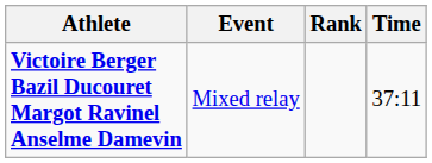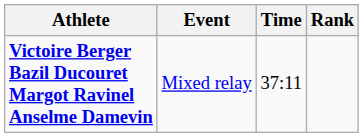 <table class="wikitable" style="font-size:90%">
 <tr>
 <th>Athlete</th>
 <th>Event</th>
+<th>Time</th>
 <th>Rank</th>
-<th>Time</th>
 </tr>
 <tr align=center>
 <td align=left><strong><a href='#'>Victoire Berger</a><br><a href='#'>Bazil Ducouret</a><br><a href='#'>Margot Ravinel</a><br><a href='#'>Anselme Damevin</a></strong></td>
 <td align=left><a href='#'>Mixed relay</a></td>
+<td>37:11</td>
 <td></td>
-<td>37:11</td>
 </tr>
 </table>
